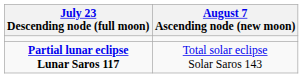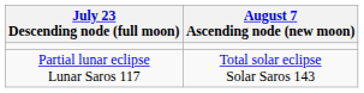 <table class="wikitable">
 <tr>
 <th><a href='#'>July 23</a><br>Descending node (full moon)<br></th>
 <th><a href='#'>August 7</a><br>Ascending node (new moon)<br></th>
 </tr>
 <tr>
 <td></td>
 <td></td>
 </tr>
 <tr align=center>
-<td><strong><a href='#'>Partial lunar eclipse</a><br>Lunar Saros 117</strong></td>
+<td><a href='#'>Partial lunar eclipse</a><br>Lunar Saros 117</td>
 <td><a href='#'>Total solar eclipse</a><br>Solar Saros 143</td>
 </tr>
 </table>
